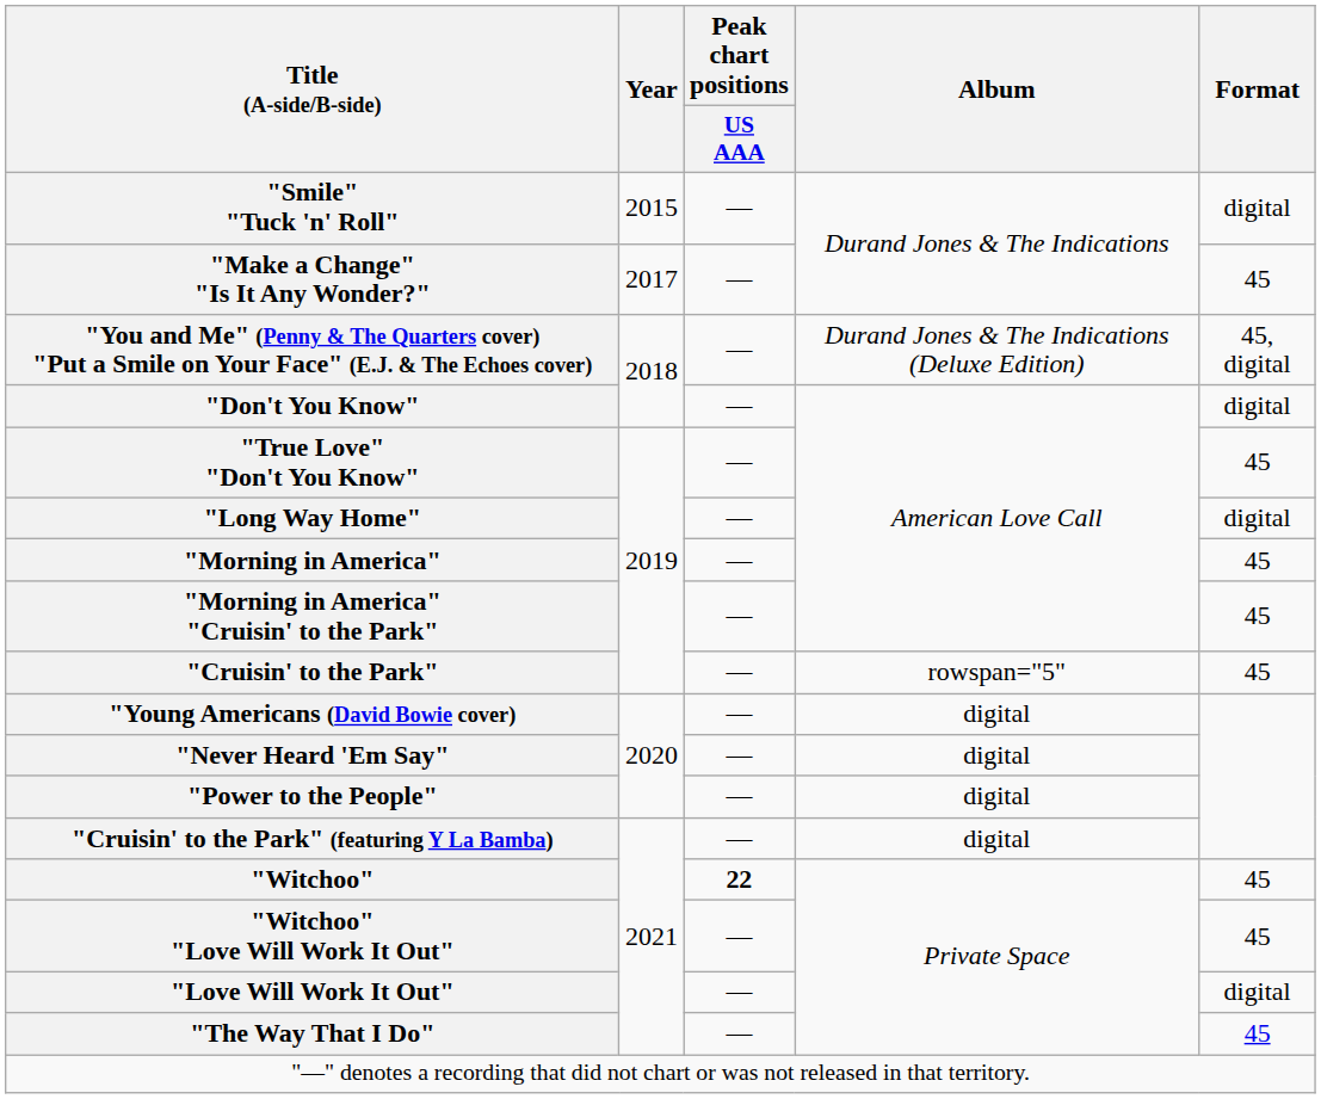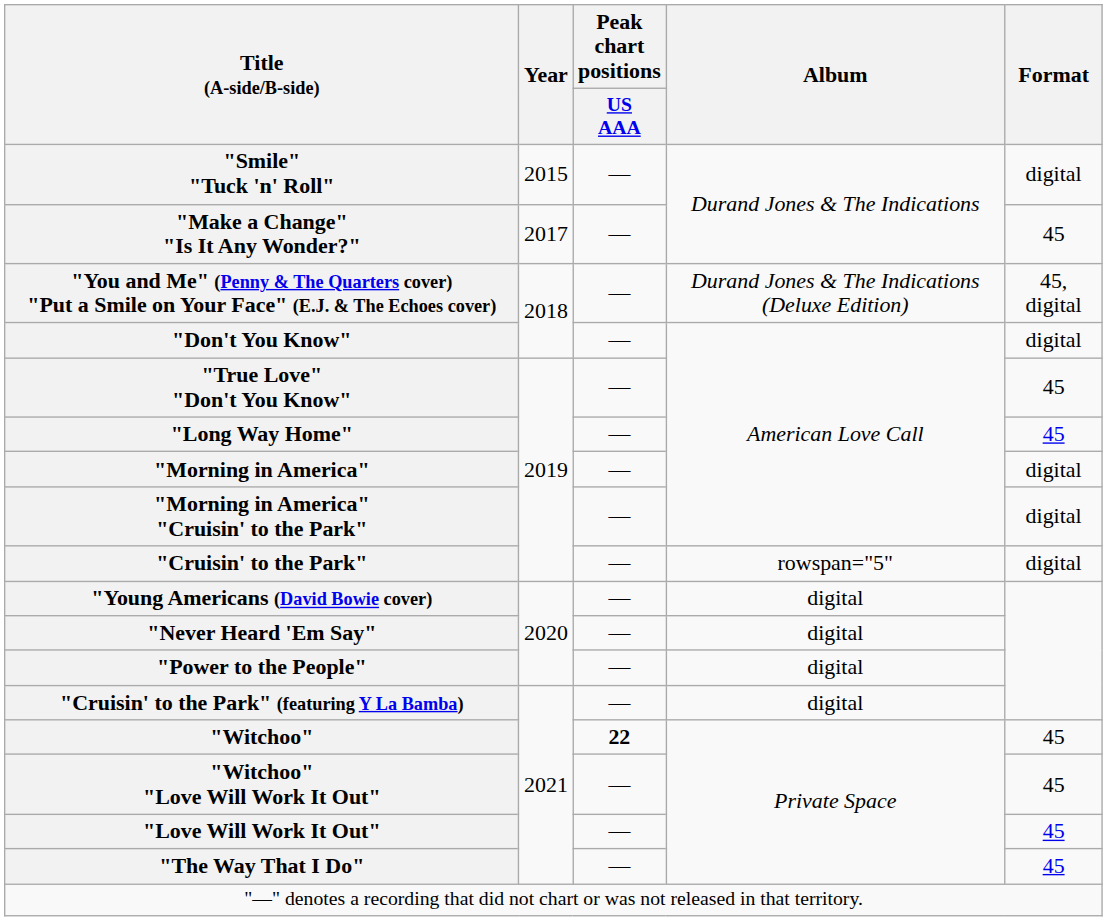 <table class="wikitable plainrowheaders" style="text-align:center;">
 <tr>
 <th scope="col" rowspan="2" style="width:23em;">Title<br><small>(A-side/B-side)</small></th>
 <th scope="col" rowspan="2" style="width:2em;">Year</th>
 <th scope="col" style="width:3em;" colspan="1">Peak chart positions</th>
 <th scope="col" rowspan="2" style="width:15em;">Album</th>
 <th scope="col" rowspan="2" style="width:4em;">Format</th>
 </tr>
 <tr>
 <th scope="col" style="width:2.5em;font-size:90%;"><a href='#'>US<br>AAA</a><br></th>
 </tr>
 <tr>
 <th scope="row">"Smile"<br>"Tuck 'n' Roll"</th>
 <td>2015</td>
 <td>—</td>
 <td rowspan="2"><em>Durand Jones & The Indications</em></td>
 <td>digital</td>
 </tr>
 <tr>
 <th scope="row">"Make a Change"<br>"Is It Any Wonder?"</th>
 <td>2017</td>
 <td>—</td>
 <td>45</td>
 </tr>
 <tr>
 <th scope="row">"You and Me" <small>(<a href='#'>Penny & The Quarters</a> cover)</small><br>"Put a Smile on Your Face" <small>(E.J. & The Echoes cover)</small></th>
 <td rowspan="2">2018</td>
 <td>—</td>
 <td><em>Durand Jones & The Indications (Deluxe Edition)</em></td>
 <td>45, digital</td>
 </tr>
 <tr>
 <th scope="row">"Don't You Know"</th>
 <td>—</td>
 <td rowspan="5"><em>American Love Call</em></td>
 <td>digital</td>
 </tr>
 <tr>
 <th scope="row">"True Love"<br>"Don't You Know"</th>
 <td rowspan="5">2019</td>
 <td>—</td>
 <td>45</td>
 </tr>
 <tr>
 <th scope="row">"Long Way Home"</th>
 <td>—</td>
-<td>digital</td>
+<td><a href='#'>45</a></td>
 </tr>
 <tr>
 <th scope="row">"Morning in America"</th>
 <td>—</td>
-<td>45</td>
+<td>digital</td>
 </tr>
 <tr>
 <th scope="row">"Morning in America"<br>"Cruisin' to the Park"</th>
 <td>—</td>
-<td>45</td>
+<td>digital</td>
 </tr>
 <tr>
 <th scope="row">"Cruisin' to the Park"</th>
 <td>—</td>
 <td>rowspan="5" </td>
-<td>45</td>
+<td>digital</td>
 </tr>
 <tr>
 <th scope="row">"Young Americans <small>(<a href='#'>David Bowie</a> cover)</small></th>
 <td rowspan="3">2020</td>
 <td>—</td>
 <td>digital</td>
 </tr>
 <tr>
 <th scope="row">"Never Heard 'Em Say"</th>
 <td>—</td>
 <td>digital</td>
 </tr>
 <tr>
 <th scope="row">"Power to the People"</th>
 <td>—</td>
 <td>digital</td>
 </tr>
 <tr>
 <th scope="row">"Cruisin' to the Park" <small>(featuring <a href='#'>Y La Bamba</a>)</small></th>
 <td rowspan="5">2021</td>
 <td>—</td>
 <td>digital</td>
 </tr>
 <tr>
 <th scope="row">"Witchoo"</th>
 <td><strong>22</strong></td>
 <td rowspan="4"><em>Private Space</em></td>
 <td>45</td>
 </tr>
 <tr>
 <th scope="row">"Witchoo"<br>"Love Will Work It Out"</th>
 <td>—</td>
 <td>45</td>
 </tr>
 <tr>
 <th scope="row">"Love Will Work It Out"</th>
 <td>—</td>
-<td>digital</td>
+<td><a href='#'>45</a></td>
 </tr>
 <tr>
 <th scope="row">"The Way That I Do"</th>
 <td>—</td>
 <td><a href='#'>45</a></td>
 </tr>
 <tr>
 <td colspan="5" style="font-size:90%">"—" denotes a recording that did not chart or was not released in that territory.</td>
 </tr>
 </table>
